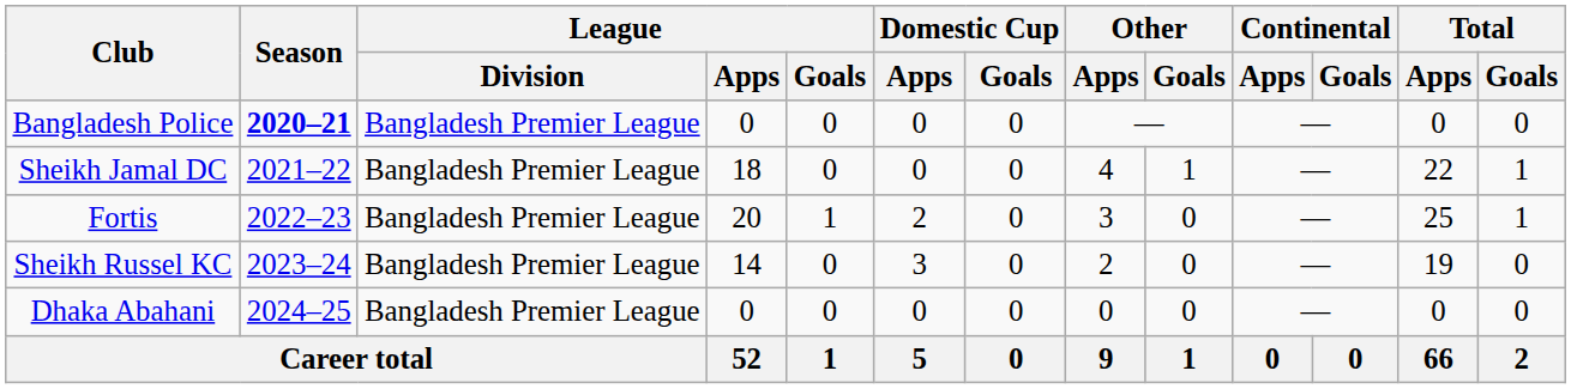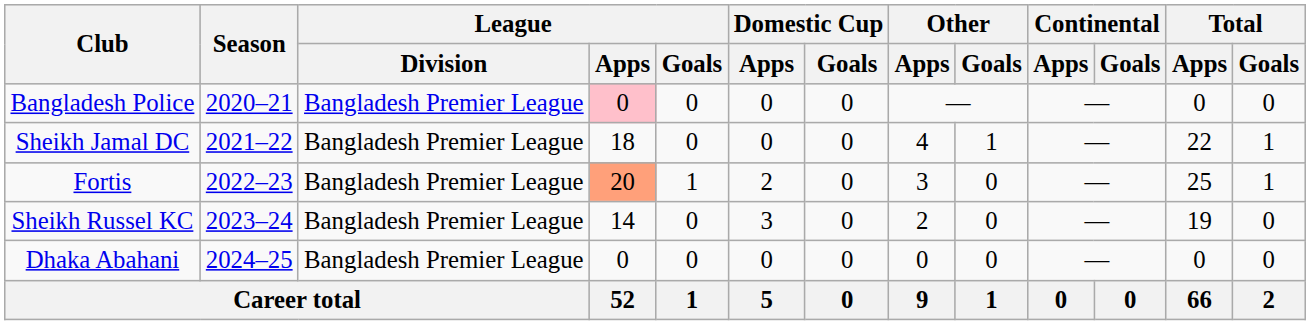 <table class="wikitable" style="text-align:center">
 <tr>
 <th rowspan="2">Club</th>
 <th rowspan="2">Season</th>
 <th colspan="3">League</th>
 <th colspan="2">Domestic Cup</th>
 <th colspan="2">Other</th>
 <th colspan="2">Continental</th>
 <th colspan="2">Total</th>
 </tr>
 <tr>
 <th>Division</th>
 <th>Apps</th>
 <th>Goals</th>
 <th>Apps</th>
 <th>Goals</th>
 <th>Apps</th>
 <th>Goals</th>
 <th>Apps</th>
 <th>Goals</th>
 <th>Apps</th>
 <th>Goals</th>
 </tr>
 <tr>
 <td><a href='#'>Bangladesh Police</a></td>
-<td><strong><a href='#'>2020–21</a></strong></td>
+<td><a href='#'>2020–21</a></td>
 <td><a href='#'>Bangladesh Premier League</a></td>
-<td>0</td>
+<td style="background: pink;">0</td>
 <td>0</td>
 <td>0</td>
 <td>0</td>
 <td colspan="2">—</td>
 <td colspan="2">—</td>
 <td>0</td>
 <td>0</td>
 </tr>
 <tr>
 <td><a href='#'>Sheikh Jamal DC</a></td>
 <td><a href='#'>2021–22</a></td>
 <td>Bangladesh Premier League</td>
 <td>18</td>
 <td>0</td>
 <td>0</td>
 <td>0</td>
 <td>4</td>
 <td>1</td>
 <td colspan="2">—</td>
 <td>22</td>
 <td>1</td>
 </tr>
 <tr>
 <td><a href='#'>Fortis</a></td>
 <td><a href='#'>2022–23</a></td>
 <td>Bangladesh Premier League</td>
-<td>20</td>
+<td style="background: lightsalmon;">20</td>
 <td>1</td>
 <td>2</td>
 <td>0</td>
 <td>3</td>
 <td>0</td>
 <td colspan="2">—</td>
 <td>25</td>
 <td>1</td>
 </tr>
 <tr>
 <td><a href='#'>Sheikh Russel KC</a></td>
 <td><a href='#'>2023–24</a></td>
 <td>Bangladesh Premier League</td>
 <td>14</td>
 <td>0</td>
 <td>3</td>
 <td>0</td>
 <td>2</td>
 <td>0</td>
 <td colspan="2">—</td>
 <td>19</td>
 <td>0</td>
 </tr>
 <tr>
 <td><a href='#'>Dhaka Abahani</a></td>
 <td><a href='#'>2024–25</a></td>
 <td>Bangladesh Premier League</td>
 <td>0</td>
 <td>0</td>
 <td>0</td>
 <td>0</td>
 <td>0</td>
 <td>0</td>
 <td colspan="2">—</td>
 <td>0</td>
 <td>0</td>
 </tr>
 <tr>
 <th colspan="3">Career total</th>
 <th>52</th>
 <th>1</th>
 <th>5</th>
 <th>0</th>
 <th>9</th>
 <th>1</th>
 <th>0</th>
 <th>0</th>
 <th>66</th>
 <th>2</th>
 </tr>
 </table>
